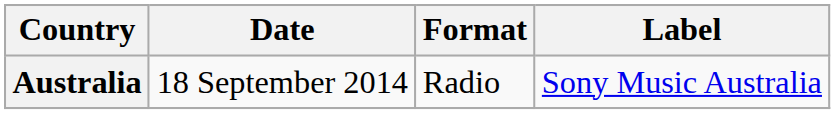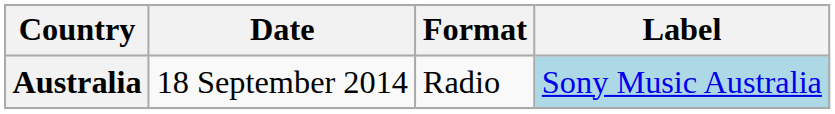 <table class="wikitable plainrowheaders">
 <tr>
 <th scope="col">Country</th>
 <th scope="col">Date</th>
 <th scope="col">Format</th>
 <th scope="col">Label</th>
 </tr>
 <tr>
 <th scope="row">Australia</th>
 <td>18 September 2014</td>
 <td>Radio</td>
-<td><a href='#'>Sony Music Australia</a></td>
+<td style="background: lightblue;"><a href='#'>Sony Music Australia</a></td>
 </tr>
 <tr>
 </tr>
 </table>
